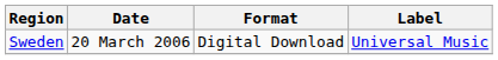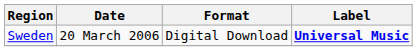 <table class=wikitable>
 <tr>
 <th>Region</th>
 <th>Date</th>
 <th>Format</th>
 <th>Label</th>
 </tr>
 <tr>
 <td><a href='#'>Sweden</a></td>
 <td>20 March 2006</td>
 <td>Digital Download</td>
-<td><a href='#'>Universal Music</a></td>
+<td><strong><a href='#'>Universal Music</a></strong></td>
 </tr>
 <tr>
 </tr>
 </table>
